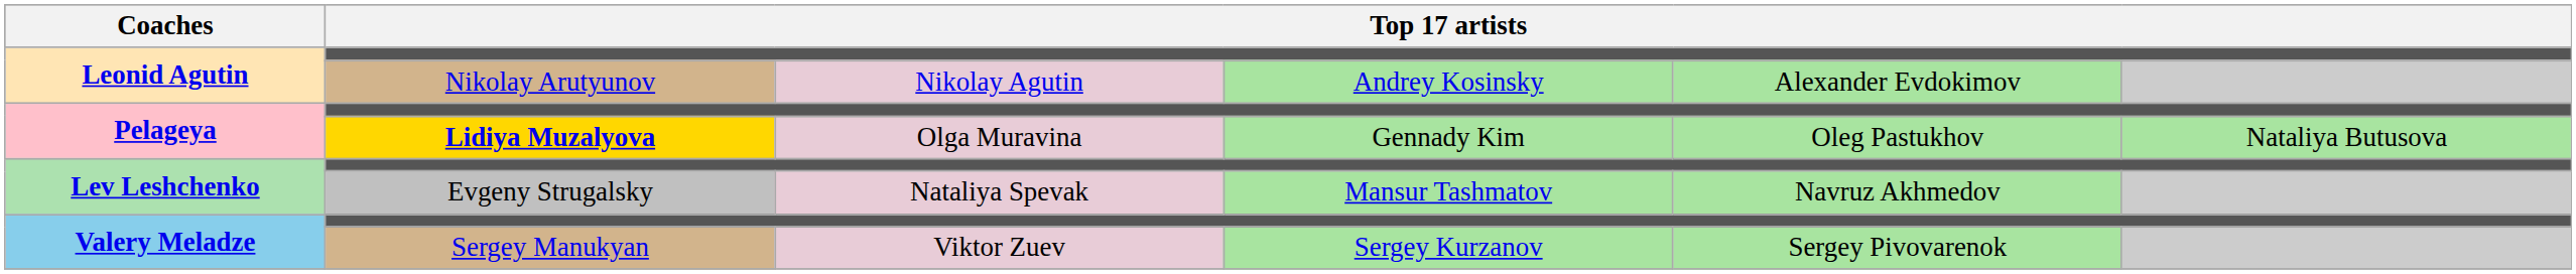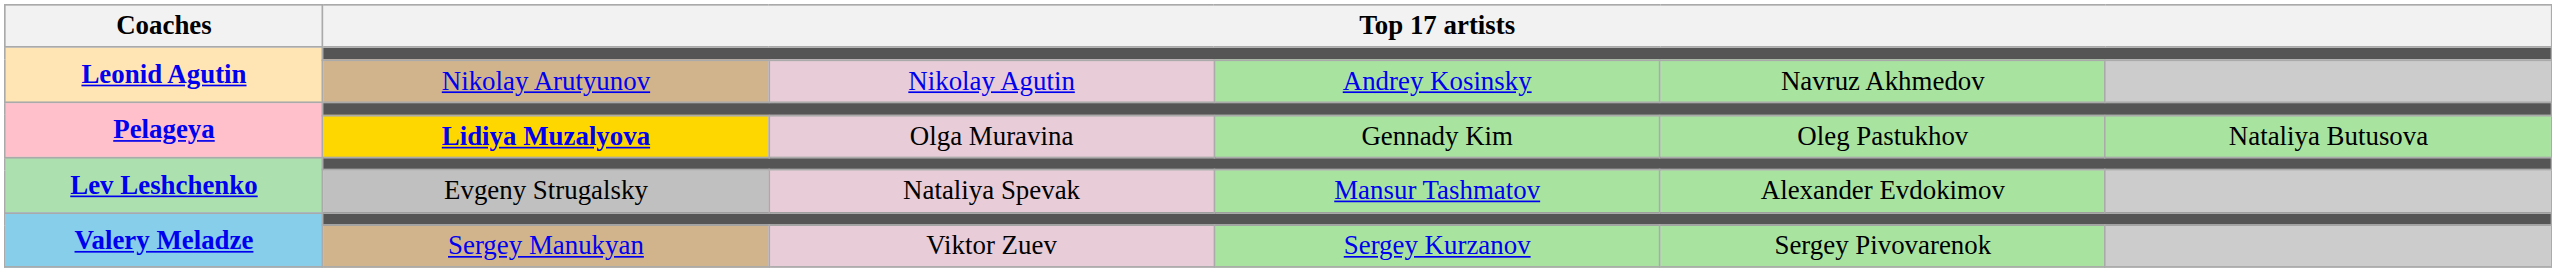 <table class="wikitable" style="text-align:center; width:120%;">
 <tr>
 <th width="10%">Coaches</th>
 <th width="90%" colspan=5>Top 17 artists</th>
 </tr>
 <tr>
 <th rowspan=2 style="background:#ffe5b4;"><a href='#'>Leonid Agutin</a></th>
 <td colspan=5 style="background:#555555;"></td>
 </tr>
 <tr>
 <td width="14%" style="background:tan;"><a href='#'>Nikolay Arutyunov</a></td>
 <td width="14%" style="background:#E8CCD7;"><a href='#'>Nikolay Agutin</a></td>
 <td width="14%" style="background:#A8E4A0;"><a href='#'>Andrey Kosinsky</a></td>
-<td width="14%" style="background:#A8E4A0;">Alexander Evdokimov</td>
+<td style="background:#A8E4A0;">Navruz Akhmedov</td>
 <td width="14%" style="background:#ccc;"></td>
 </tr>
 <tr>
 <th rowspan=2 style="background:pink;"><a href='#'>Pelageya</a></th>
 <td colspan=5 style="background:#555555;"></td>
 </tr>
 <tr>
 <td style="background:gold;"><strong><a href='#'>Lidiya Muzalyova</a></strong></td>
 <td style="background:#E8CCD7;">Olga Muravina</td>
 <td style="background:#A8E4A0;">Gennady Kim</td>
 <td style="background:#A8E4A0;">Oleg Pastukhov</td>
 <td style="background:#A8E4A0;">Nataliya Butusova</td>
 </tr>
 <tr>
 <th rowspan=2 style="background:#ace1af;"><a href='#'>Lev Leshchenko</a></th>
 <td colspan=5 style="background:#555555;"></td>
 </tr>
 <tr>
 <td style="background:silver;">Evgeny Strugalsky</td>
 <td style="background:#E8CCD7;">Nataliya Spevak</td>
 <td style="background:#A8E4A0;"><a href='#'>Mansur Tashmatov</a></td>
-<td style="background:#A8E4A0;">Navruz Akhmedov</td>
+<td width="14%" style="background:#A8E4A0;">Alexander Evdokimov</td>
 <td style="background:#ccc;"></td>
 </tr>
 <tr>
 <th rowspan=2 style="background:#87ceeb;"><a href='#'>Valery Meladze</a></th>
 <td colspan=5 style="background:#555555;"></td>
 </tr>
 <tr>
 <td style="background:tan;"><a href='#'>Sergey Manukyan</a></td>
 <td style="background:#E8CCD7;">Viktor Zuev</td>
 <td style="background:#A8E4A0;"><a href='#'>Sergey Kurzanov</a></td>
 <td style="background:#A8E4A0;">Sergey Pivovarenok</td>
 <td style="background:#ccc;"></td>
 </tr>
 </table>
